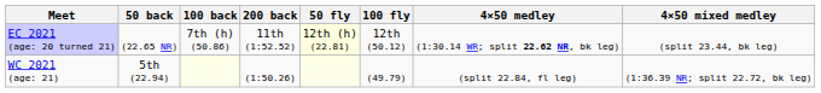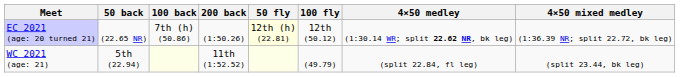 <table class="sortable wikitable">
 <tr>
 <th>Meet</th>
 <th class="unsortable">50 back</th>
 <th class="unsortable">100 back</th>
 <th class="unsortable">200 back</th>
 <th class="unsortable">50 fly</th>
 <th class="unsortable">100 fly</th>
 <th class="unsortable">4×50 medley</th>
 <th class="unsortable">4×50 mixed medley</th>
 </tr>
 <tr>
 <td style="background:#ccccff"><a href='#'>EC 2021</a><br><small>(age: 20 turned 21)</small></td>
 <td align="center"><br><small>(22.65 <a href='#'>NR</a>)</small></td>
 <td align="center">7th (h)<br><small>(50.86)</small></td>
-<td align="center">11th<br><small>(1:52.52)</small></td>
+<td align="center"><br><small>(1:50.26)</small></td>
 <td align="center" style="background: lightyellow;">12th (h)<br><small>(22.81)</small></td>
 <td align="center">12th<br><small>(50.12)</small></td>
 <td align="center"><br><small>(1:30.14 <a href='#'>WR</a>; split <strong>22.62 <a href='#'>NR</a></strong>, bk leg)</small></td>
-<td align="center"><br><small>(split 23.44, bk leg)</small></td>
+<td align="center"><br><small>(1:36.39 <a href='#'>NR</a>; split 22.72, bk leg)</small></td>
 </tr>
 <tr>
 <td><a href='#'>WC 2021</a><br><small>(age: 21)</small></td>
 <td align="center">5th<br><small>(22.94)</small></td>
 <td style="background:#fdffe7"></td>
-<td align="center"><br><small>(1:50.26)</small></td>
+<td align="center">11th<br><small>(1:52.52)</small></td>
 <td style="background:#fdffe7"></td>
 <td align="center"><br><small>(49.79)</small></td>
 <td align="center"><br><small>(split 22.84, fl leg)</small></td>
-<td align="center"><br><small>(1:36.39 <a href='#'>NR</a>; split 22.72, bk leg)</small></td>
+<td align="center"><br><small>(split 23.44, bk leg)</small></td>
 </tr>
 </table>
